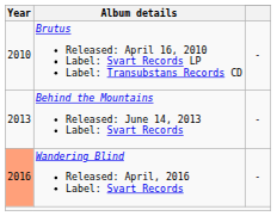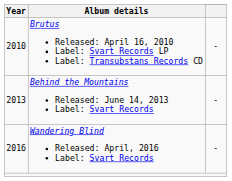 <table class="wikitable">
 <tr>
 <th rowspan="2">Year</th>
 <th rowspan="2">Album details</th>
 </tr>
 <tr>
 <th style="width:3em;font-size:75%"></th>
 </tr>
 <tr>
 <td>2010</td>
 <td><em><a href='#'>Brutus</a></em><br><ul><li>Released: April 16, 2010</li><li>Label: <a href='#'>Svart Records</a> LP</li><li>Label: <a href='#'>Transubstans Records</a> CD</li></ul></td>
 <td align="center">-</td>
 </tr>
 <tr>
 <td>2013</td>
 <td><em><a href='#'>Behind the Mountains</a></em><br><ul><li>Released: June 14, 2013</li><li>Label: <a href='#'>Svart Records</a></li></ul></td>
 <td align="center">-</td>
 </tr>
 <tr>
-<td style="background: lightsalmon;">2016</td>
+<td>2016</td>
 <td><em><a href='#'>Wandering Blind</a></em><br><ul><li>Released: April, 2016</li><li>Label: <a href='#'>Svart Records</a></li></ul></td>
 <td align="center">-</td>
 </tr>
 <tr>
 <td align="center" colspan="3" style="font-size: 8pt"></td>
 </tr>
 </table>
